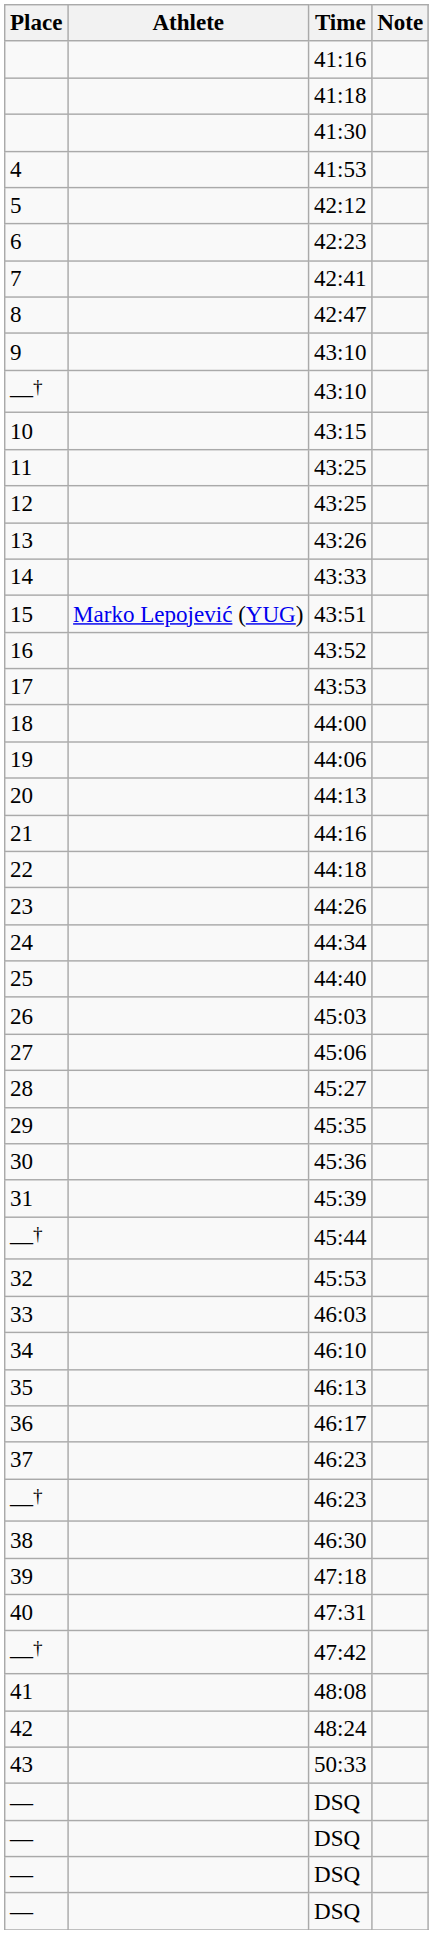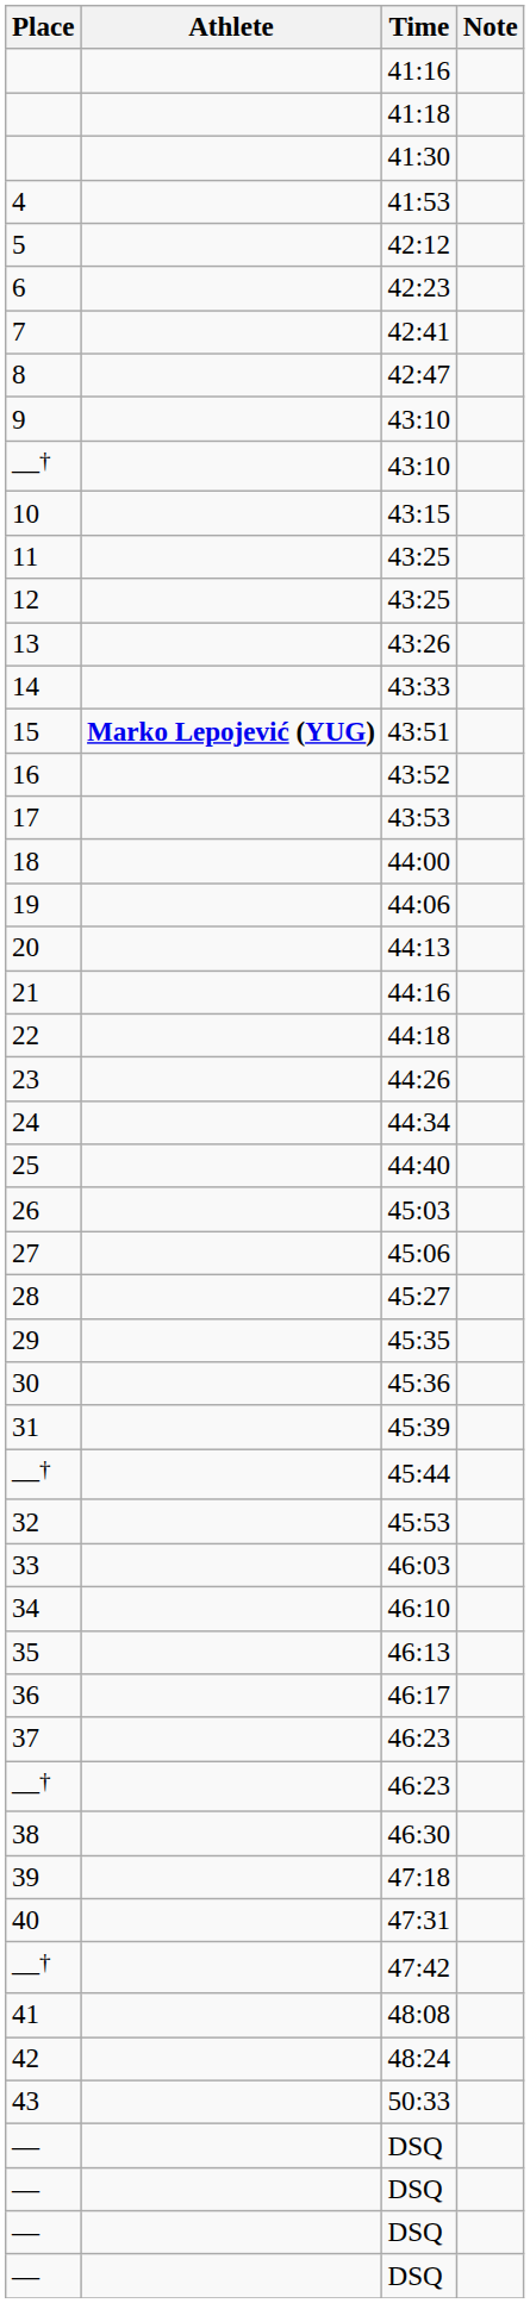 <table class=wikitable>
 <tr>
 <th>Place</th>
 <th>Athlete</th>
 <th>Time</th>
 <th>Note</th>
 </tr>
 <tr>
 <td></td>
 <td align=left></td>
 <td>41:16</td>
 <td></td>
 </tr>
 <tr>
 <td></td>
 <td align=left></td>
 <td>41:18</td>
 <td></td>
 </tr>
 <tr>
 <td></td>
 <td align=left></td>
 <td>41:30</td>
 <td></td>
 </tr>
 <tr>
 <td>4</td>
 <td align=left></td>
 <td>41:53</td>
 <td></td>
 </tr>
 <tr>
 <td>5</td>
 <td align=left></td>
 <td>42:12</td>
 <td></td>
 </tr>
 <tr>
 <td>6</td>
 <td align=left></td>
 <td>42:23</td>
 <td></td>
 </tr>
 <tr>
 <td>7</td>
 <td align=left></td>
 <td>42:41</td>
 <td></td>
 </tr>
 <tr>
 <td>8</td>
 <td align=left></td>
 <td>42:47</td>
 <td></td>
 </tr>
 <tr>
 <td>9</td>
 <td align=left></td>
 <td>43:10</td>
 <td></td>
 </tr>
 <tr>
 <td>—<sup>†</sup></td>
 <td align=left></td>
 <td>43:10</td>
 <td></td>
 </tr>
 <tr>
 <td>10</td>
 <td align=left></td>
 <td>43:15</td>
 <td></td>
 </tr>
 <tr>
 <td>11</td>
 <td align=left></td>
 <td>43:25</td>
 <td></td>
 </tr>
 <tr>
 <td>12</td>
 <td align=left></td>
 <td>43:25</td>
 <td></td>
 </tr>
 <tr>
 <td>13</td>
 <td align=left></td>
 <td>43:26</td>
 <td></td>
 </tr>
 <tr>
 <td>14</td>
 <td align=left></td>
 <td>43:33</td>
 <td></td>
 </tr>
 <tr>
 <td>15</td>
-<td align=left> <a href='#'>Marko Lepojević</a> (<a href='#'>YUG</a>)</td>
+<td align=left><strong> <a href='#'>Marko Lepojević</a> (<a href='#'>YUG</a>)</strong></td>
 <td>43:51</td>
 <td></td>
 </tr>
 <tr>
 <td>16</td>
 <td align=left></td>
 <td>43:52</td>
 <td></td>
 </tr>
 <tr>
 <td>17</td>
 <td align=left></td>
 <td>43:53</td>
 <td></td>
 </tr>
 <tr>
 <td>18</td>
 <td align=left></td>
 <td>44:00</td>
 <td></td>
 </tr>
 <tr>
 <td>19</td>
 <td align=left></td>
 <td>44:06</td>
 <td></td>
 </tr>
 <tr>
 <td>20</td>
 <td align=left></td>
 <td>44:13</td>
 <td></td>
 </tr>
 <tr>
 <td>21</td>
 <td align=left></td>
 <td>44:16</td>
 <td></td>
 </tr>
 <tr>
 <td>22</td>
 <td align=left></td>
 <td>44:18</td>
 <td></td>
 </tr>
 <tr>
 <td>23</td>
 <td align=left></td>
 <td>44:26</td>
 <td></td>
 </tr>
 <tr>
 <td>24</td>
 <td align=left></td>
 <td>44:34</td>
 <td></td>
 </tr>
 <tr>
 <td>25</td>
 <td align=left></td>
 <td>44:40</td>
 <td></td>
 </tr>
 <tr>
 <td>26</td>
 <td align=left></td>
 <td>45:03</td>
 <td></td>
 </tr>
 <tr>
 <td>27</td>
 <td align=left></td>
 <td>45:06</td>
 <td></td>
 </tr>
 <tr>
 <td>28</td>
 <td align=left></td>
 <td>45:27</td>
 <td></td>
 </tr>
 <tr>
 <td>29</td>
 <td align=left></td>
 <td>45:35</td>
 <td></td>
 </tr>
 <tr>
 <td>30</td>
 <td align=left></td>
 <td>45:36</td>
 <td></td>
 </tr>
 <tr>
 <td>31</td>
 <td align=left></td>
 <td>45:39</td>
 <td></td>
 </tr>
 <tr>
 <td>—<sup>†</sup></td>
 <td align=left></td>
 <td>45:44</td>
 <td></td>
 </tr>
 <tr>
 <td>32</td>
 <td align=left></td>
 <td>45:53</td>
 <td></td>
 </tr>
 <tr>
 <td>33</td>
 <td align=left></td>
 <td>46:03</td>
 <td></td>
 </tr>
 <tr>
 <td>34</td>
 <td align=left></td>
 <td>46:10</td>
 <td></td>
 </tr>
 <tr>
 <td>35</td>
 <td align=left></td>
 <td>46:13</td>
 <td></td>
 </tr>
 <tr>
 <td>36</td>
 <td align=left></td>
 <td>46:17</td>
 <td></td>
 </tr>
 <tr>
 <td>37</td>
 <td align=left></td>
 <td>46:23</td>
 <td></td>
 </tr>
 <tr>
 <td>—<sup>†</sup></td>
 <td align=left></td>
 <td>46:23</td>
 <td></td>
 </tr>
 <tr>
 <td>38</td>
 <td align=left></td>
 <td>46:30</td>
 <td></td>
 </tr>
 <tr>
 <td>39</td>
 <td align=left></td>
 <td>47:18</td>
 <td></td>
 </tr>
 <tr>
 <td>40</td>
 <td align=left></td>
 <td>47:31</td>
 <td></td>
 </tr>
 <tr>
 <td>—<sup>†</sup></td>
 <td align=left></td>
 <td>47:42</td>
 <td></td>
 </tr>
 <tr>
 <td>41</td>
 <td align=left></td>
 <td>48:08</td>
 <td></td>
 </tr>
 <tr>
 <td>42</td>
 <td align=left></td>
 <td>48:24</td>
 <td></td>
 </tr>
 <tr>
 <td>43</td>
 <td align=left></td>
 <td>50:33</td>
 <td></td>
 </tr>
 <tr>
 <td>—</td>
 <td align=left></td>
 <td>DSQ</td>
 <td></td>
 </tr>
 <tr>
 <td>—</td>
 <td align=left></td>
 <td>DSQ</td>
 <td></td>
 </tr>
 <tr>
 <td>—</td>
 <td align=left></td>
 <td>DSQ</td>
 <td></td>
 </tr>
 <tr>
 <td>—</td>
 <td align=left></td>
 <td>DSQ</td>
 <td></td>
 </tr>
 </table>
